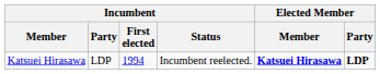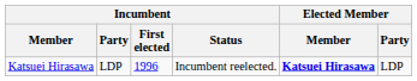 <table class="wikitable sortable">
 <tr>
 <th colspan=4>Incumbent</th>
 <th colspan=2>Elected Member</th>
 </tr>
 <tr>
 <th>Member</th>
 <th>Party</th>
 <th>First<br>elected</th>
 <th>Status</th>
 <th>Member</th>
 <th>Party</th>
 </tr>
 <tr>
 <td><a href='#'>Katsuei Hirasawa</a></td>
 <td>LDP</td>
-<td><a href='#'>1994</a></td>
+<td><a href='#'>1996</a></td>
 <td>Incumbent reelected.</td>
 <td><strong><a href='#'>Katsuei Hirasawa</a></strong></td>
-<td><strong>LDP</strong></td>
+<td>LDP</td>
 </tr>
 </table>
